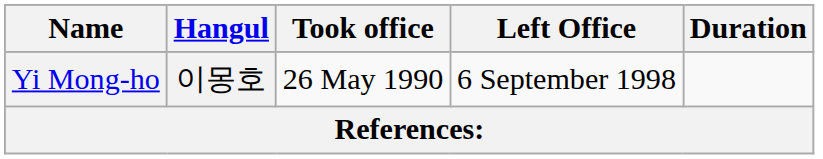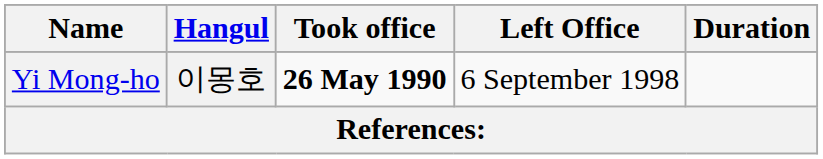 <table class="wikitable sortable">
 <tr>
 <th>Name</th>
 <th class="unsortable"><a href='#'>Hangul</a></th>
 <th>Took office</th>
 <th>Left Office</th>
 <th>Duration</th>
 </tr>
 <tr>
 <th align="center" scope="row" style="font-weight:normal;"><a href='#'>Yi Mong-ho</a></th>
 <th align="center" scope="row" style="font-weight:normal;">이몽호</th>
-<td align="center">26 May 1990</td>
+<td align="center"><strong>26 May 1990</strong></td>
 <td align="center">6 September 1998</td>
 <td align="center"></td>
 </tr>
 <tr>
 <th colspan="5" unsortable><strong>References:</strong><br></th>
 </tr>
 </table>
